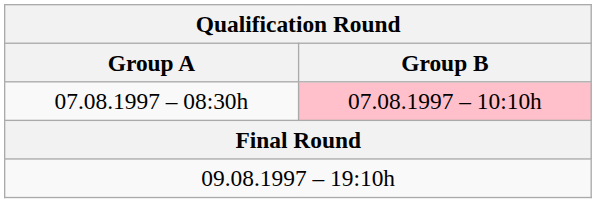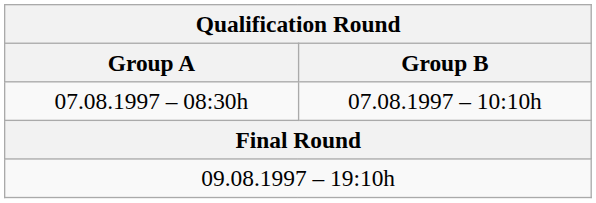 <table class="wikitable" style=" text-align:center; font-size:110%;" width="35%">
 <tr>
 <th colspan="2">Qualification Round</th>
 </tr>
 <tr>
 <th>Group A</th>
 <th>Group B</th>
 </tr>
 <tr>
 <td>07.08.1997 – 08:30h</td>
-<td style="background: pink;">07.08.1997 – 10:10h</td>
+<td>07.08.1997 – 10:10h</td>
 </tr>
 <tr>
 <th colspan="2">Final Round</th>
 </tr>
 <tr>
 <td colspan="2">09.08.1997 – 19:10h</td>
 </tr>
 </table>
